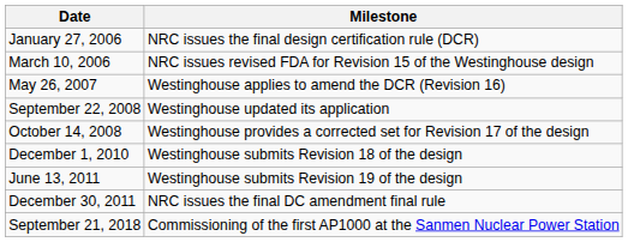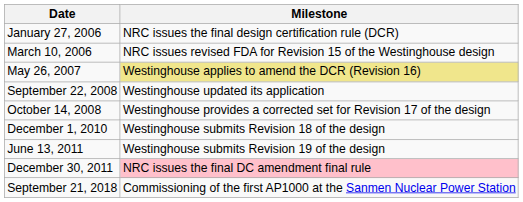 <table class="wikitable">
 <tr>
 <th>Date</th>
 <th>Milestone</th>
 </tr>
 <tr>
 <td>January 27, 2006</td>
 <td>NRC issues the final design certification rule (DCR)</td>
 </tr>
 <tr>
 <td>March 10, 2006</td>
 <td>NRC issues revised FDA for Revision 15 of the Westinghouse design</td>
 </tr>
 <tr>
 <td>May 26, 2007</td>
-<td>Westinghouse applies to amend the DCR (Revision 16)</td>
+<td style="background: khaki;">Westinghouse applies to amend the DCR (Revision 16)</td>
 </tr>
 <tr>
 <td>September 22, 2008</td>
 <td>Westinghouse updated its application</td>
 </tr>
 <tr>
 <td>October 14, 2008</td>
 <td>Westinghouse provides a corrected set for Revision 17 of the design</td>
 </tr>
 <tr>
 <td>December 1, 2010</td>
 <td>Westinghouse submits Revision 18 of the design</td>
 </tr>
 <tr>
 <td>June 13, 2011</td>
 <td>Westinghouse submits Revision 19 of the design</td>
 </tr>
 <tr>
 <td>December 30, 2011</td>
-<td>NRC issues the final DC amendment final rule</td>
+<td style="background: pink;">NRC issues the final DC amendment final rule</td>
 </tr>
 <tr>
 <td>September 21, 2018</td>
 <td>Commissioning of the first AP1000 at the <a href='#'>Sanmen Nuclear Power Station</a></td>
 </tr>
 </table>
